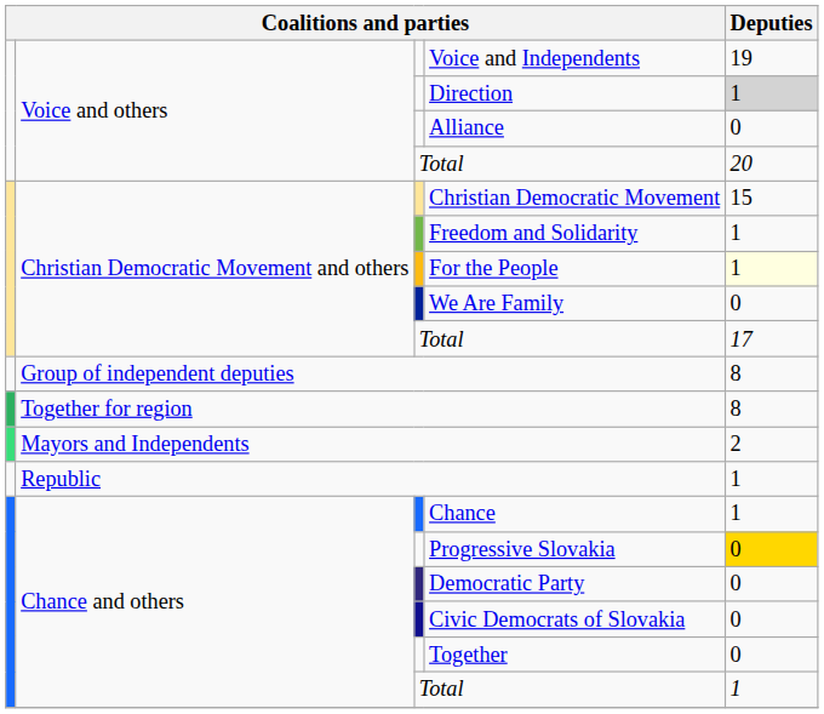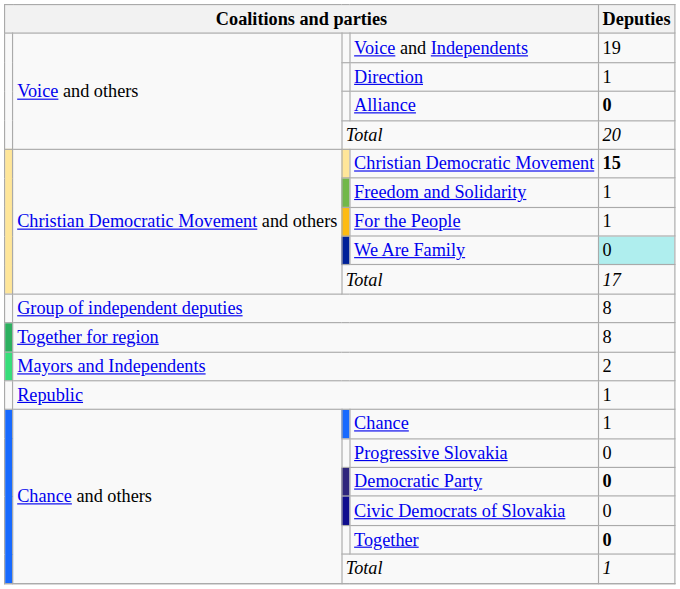 <table class="wikitable" style="text-align:left">
 <tr>
 <th colspan="4" rowspan="1">Coalitions and parties</th>
 <th colspan="2">Deputies</th>
 </tr>
 <tr>
 <td rowspan="4" style="background:"></td>
 <td rowspan="4"><a href='#'>Voice</a> and others</td>
 <td style="color:inherit;background:"></td>
 <td><a href='#'>Voice</a> and <a href='#'>Independents</a></td>
 <td>19</td>
 </tr>
 <tr>
 <td style="color:inherit;background:"></td>
 <td><a href='#'>Direction</a></td>
-<td style="background: lightgrey;">1</td>
+<td>1</td>
 </tr>
 <tr>
 <td style="color:inherit;background:"></td>
 <td><a href='#'>Alliance</a></td>
-<td>0</td>
+<td><strong>0</strong></td>
 </tr>
 <tr>
 <td colspan="2"><em>Total</em></td>
 <td><em>20</em></td>
 </tr>
 <tr>
 <td rowspan="5" style="background:#ffe699;"></td>
 <td rowspan="5"><a href='#'>Christian Democratic Movement</a> and others</td>
 <td style="background:#ffe699;"></td>
 <td><a href='#'>Christian Democratic Movement</a></td>
-<td>15</td>
+<td><strong>15</strong></td>
 </tr>
 <tr>
 <td style="background:#72b849;"></td>
 <td><a href='#'>Freedom and Solidarity</a></td>
 <td>1</td>
 </tr>
 <tr>
 <td style="background:#fdbb12;"></td>
 <td><a href='#'>For the People</a></td>
-<td style="background: lightyellow;">1</td>
+<td>1</td>
 </tr>
 <tr>
 <td style="background:#002199;"></td>
 <td><a href='#'>We Are Family</a></td>
-<td>0</td>
+<td style="background: paleturquoise;">0</td>
 </tr>
 <tr>
 <td colspan="2"><em>Total</em></td>
 <td><em>17</em></td>
 </tr>
 <tr>
 <td rowspan="1" style="background:"></td>
 <td colspan="3" rowspan="1"><a href='#'>Group of independent deputies</a></td>
 <td>8</td>
 </tr>
 <tr>
 <td rowspan="1" style="background:#2cb05f;"></td>
 <td colspan="3" rowspan="1"><a href='#'>Together for region</a></td>
 <td>8</td>
 </tr>
 <tr>
 <td rowspan="1" style="background:#37de7a;"></td>
 <td colspan="3" rowspan="1"><a href='#'>Mayors and Independents</a></td>
 <td>2</td>
 </tr>
 <tr>
 <td rowspan="1" style="background:"></td>
 <td colspan="3" rowspan="1"><a href='#'>Republic</a></td>
 <td>1</td>
 </tr>
 <tr>
 <td rowspan="6" style="background:#176AFF;"></td>
 <td rowspan="6"><a href='#'>Chance</a> and others</td>
 <td style="background:#176aff;"></td>
 <td><a href='#'>Chance</a></td>
 <td>1</td>
 </tr>
 <tr>
 <td style="color:inherit;background:"></td>
 <td><a href='#'>Progressive Slovakia</a></td>
-<td style="background: gold;">0</td>
+<td>0</td>
 </tr>
 <tr>
 <td style="background:#2f267d;"></td>
 <td><a href='#'>Democratic Party</a></td>
-<td>0</td>
+<td><strong>0</strong></td>
 </tr>
 <tr>
 <td style="background:#100e8e;"></td>
 <td><a href='#'>Civic Democrats of Slovakia</a></td>
 <td>0</td>
 </tr>
 <tr>
 <td style="color:inherit;background:"></td>
 <td><a href='#'>Together</a></td>
-<td>0</td>
+<td><strong>0</strong></td>
 </tr>
 <tr>
 <td colspan="2"><em>Total</em></td>
 <td><em>1</em></td>
 </tr>
 <tr>
 </tr>
 </table>
